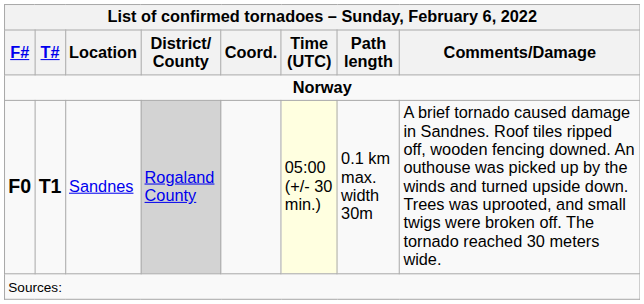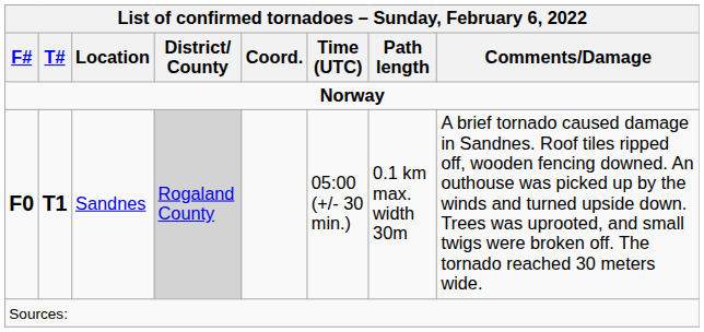 <table class="wikitable collapsible" width="100%">
 <tr>
 <th colspan="8">List of confirmed tornadoes – Sunday, February 6, 2022</th>
 </tr>
 <tr>
 <th><a href='#'>F#</a></th>
 <th><a href='#'>T#</a></th>
 <th>Location</th>
 <th>District/<br>County</th>
 <th>Coord.</th>
 <th>Time (UTC)</th>
 <th>Path length</th>
 <th>Comments/Damage</th>
 </tr>
 <tr>
 <td colspan="8" align=center><strong>Norway</strong></td>
 </tr>
 <tr>
 <td><big><strong>F0</strong></big></td>
 <td><big><strong>T1</strong></big></td>
 <td><a href='#'>Sandnes</a></td>
 <td style="background: lightgrey;"><a href='#'>Rogaland County</a></td>
 <td></td>
-<td style="background: lightyellow;">05:00 (+/- 30 min.)</td>
+<td>05:00 (+/- 30 min.)</td>
 <td>0.1 km max. width 30m</td>
 <td>A brief tornado caused damage in Sandnes. Roof tiles ripped off, wooden fencing downed. An outhouse was picked up by the winds and turned upside down. Trees was uprooted, and small twigs were broken off. The tornado reached 30 meters wide.</td>
 </tr>
 <tr>
 <td colspan="8"><small>Sources:  </small></td>
 </tr>
 </table>
